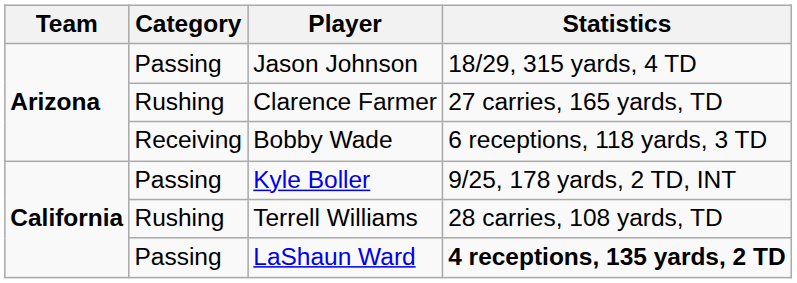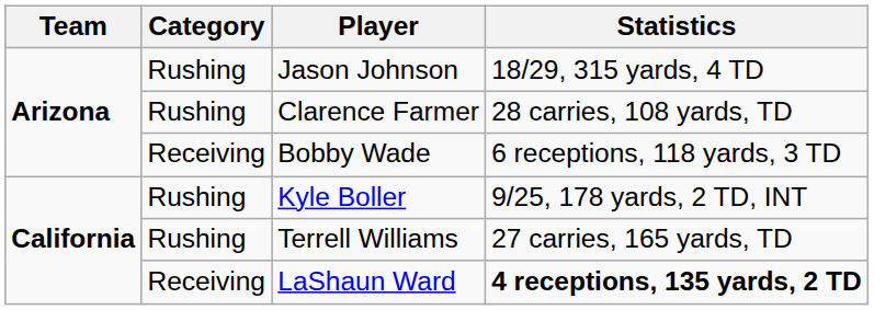 <table class="wikitable" style="float: right;">
 <tr>
 <th>Team</th>
 <th>Category</th>
 <th>Player</th>
 <th>Statistics</th>
 </tr>
 <tr>
 <td rowspan=3><strong>Arizona</strong></td>
-<td>Passing</td>
+<td>Rushing</td>
 <td>Jason Johnson</td>
 <td>18/29, 315 yards, 4 TD</td>
 </tr>
 <tr>
 <td>Rushing</td>
 <td>Clarence Farmer</td>
-<td>27 carries, 165 yards, TD</td>
+<td>28 carries, 108 yards, TD</td>
 </tr>
 <tr>
 <td>Receiving</td>
 <td>Bobby Wade</td>
 <td>6 receptions, 118 yards, 3 TD</td>
 </tr>
 <tr>
 <td rowspan=3><strong>California</strong></td>
-<td>Passing</td>
+<td>Rushing</td>
 <td><a href='#'>Kyle Boller</a></td>
 <td>9/25, 178 yards, 2 TD, INT</td>
 </tr>
 <tr>
 <td>Rushing</td>
 <td>Terrell Williams</td>
-<td>28 carries, 108 yards, TD</td>
+<td>27 carries, 165 yards, TD</td>
 </tr>
 <tr>
-<td>Passing</td>
+<td>Receiving</td>
 <td><a href='#'>LaShaun Ward</a></td>
 <td><strong>4 receptions, 135 yards, 2 TD</strong></td>
 </tr>
 </table>
